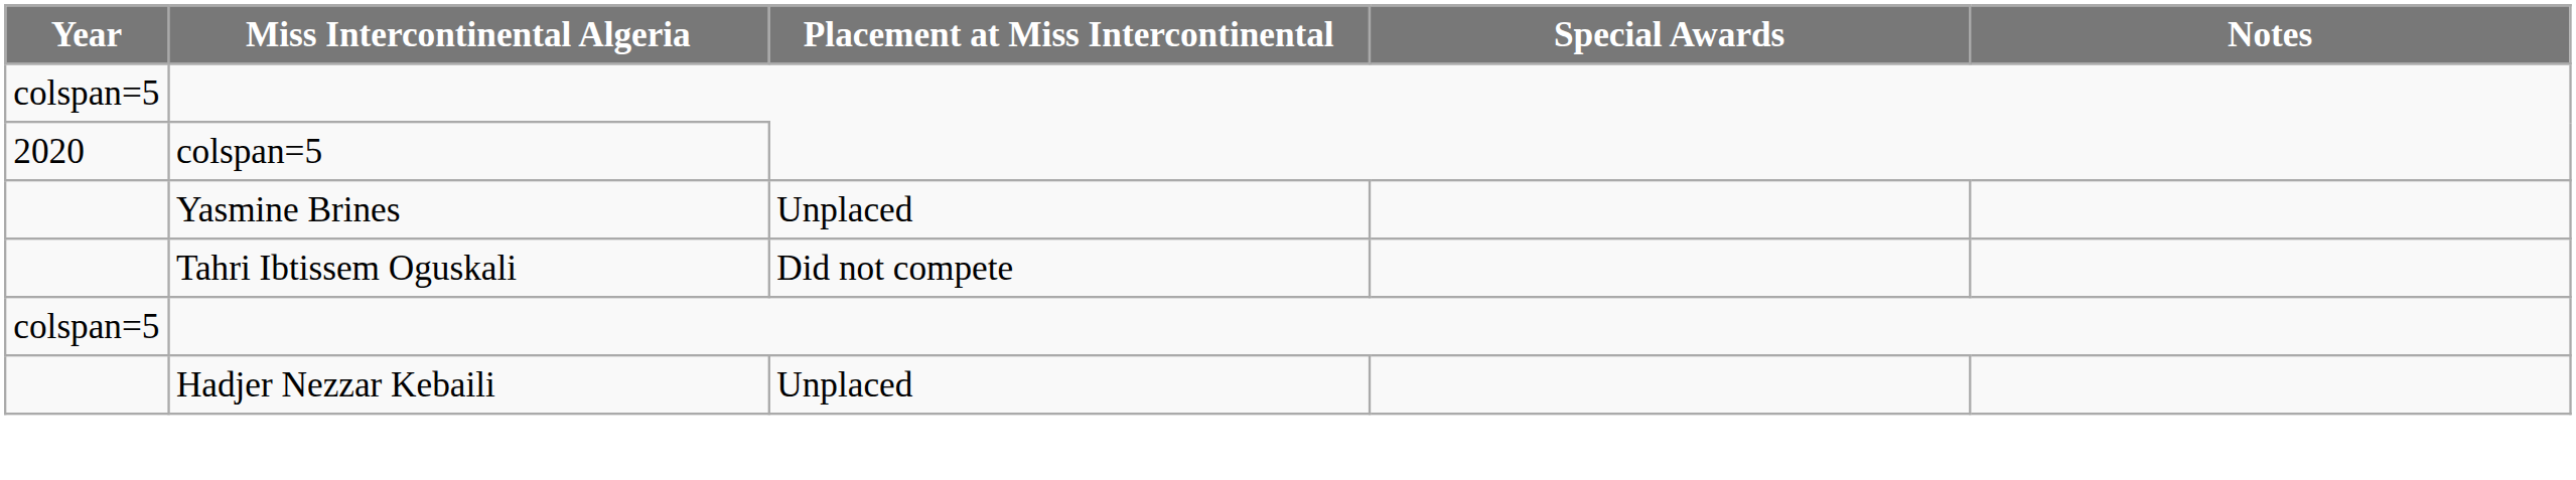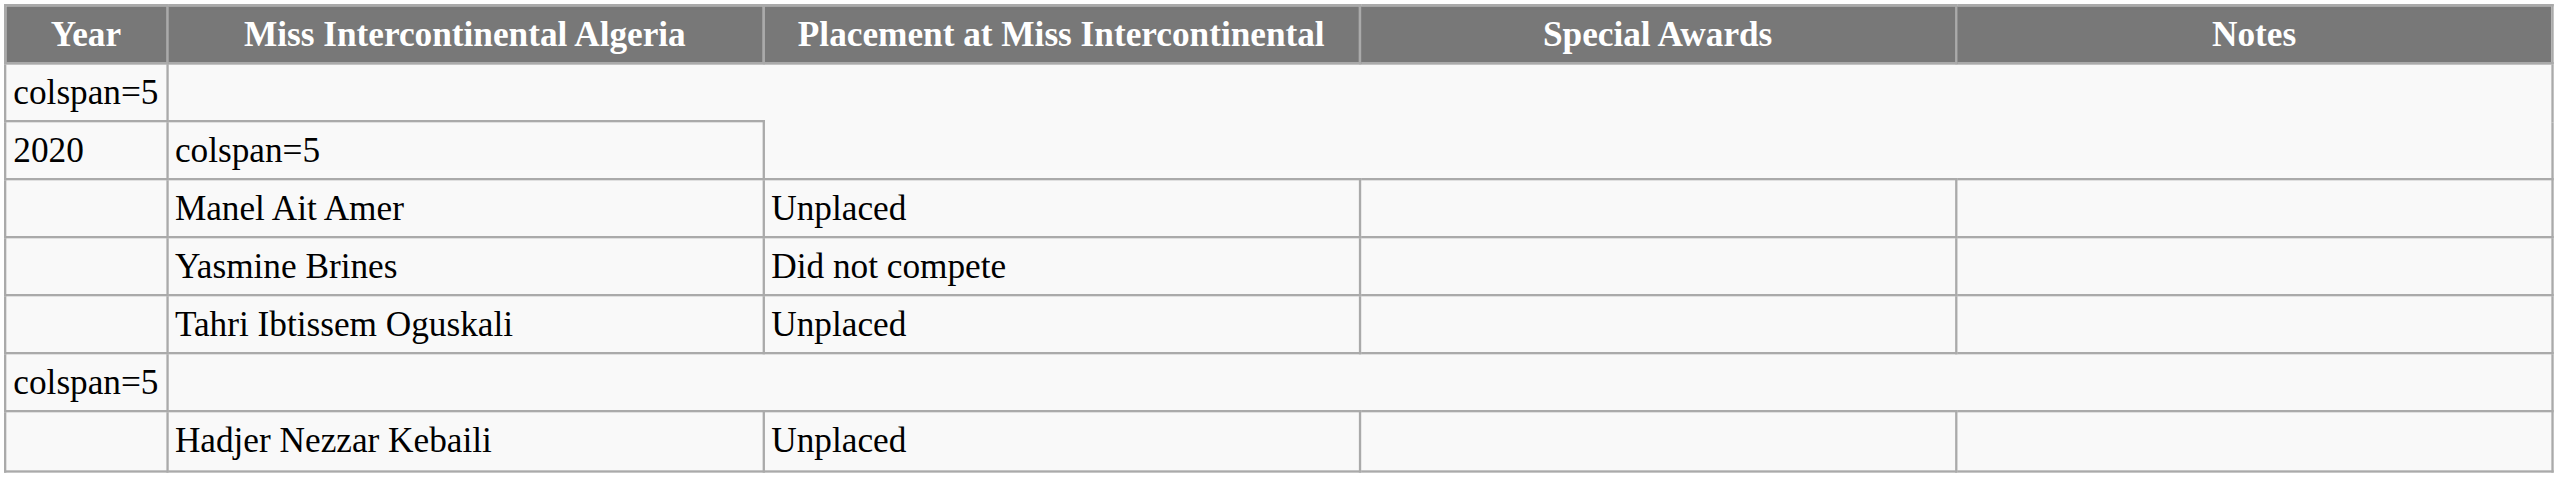 <table class="wikitable " style="font-size: 95%;">
 <tr>
 <th width="60" style="background-color:#787878;color:#FFFFFF;">Year</th>
 <th width="250" style="background-color:#787878;color:#FFFFFF;">Miss Intercontinental Algeria</th>
 <th width="250" style="background-color:#787878;color:#FFFFFF;">Placement at Miss Intercontinental</th>
 <th width="250" style="background-color:#787878;color:#FFFFFF;">Special Awards</th>
 <th width="250" style="background-color:#787878;color:#FFFFFF;">Notes</th>
 </tr>
 <tr>
 <td>colspan=5 </td>
 </tr>
 <tr>
 <td>2020</td>
 <td>colspan=5 </td>
 </tr>
 <tr>
 <td></td>
-<td>Yasmine Brines</td>
+<td>Manel Ait Amer</td>
 <td>Unplaced</td>
 <td></td>
 <td></td>
 </tr>
 <tr>
 <td></td>
+<td>Yasmine Brines</td>
+<td>Did not compete</td>
+<td></td>
+<td></td>
+</tr>
+<tr>
+<td></td>
 <td>Tahri Ibtissem Oguskali</td>
-<td>Did not compete</td>
+<td>Unplaced</td>
 <td></td>
 <td></td>
 </tr>
 <tr>
 <td>colspan=5 </td>
 </tr>
 <tr>
 <td></td>
 <td>Hadjer Nezzar Kebaili</td>
 <td>Unplaced</td>
 <td></td>
 <td></td>
 </tr>
 </table>
